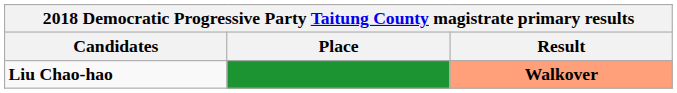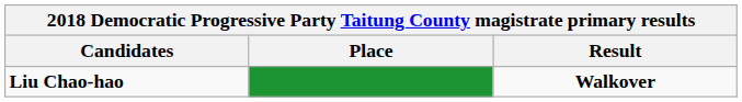 <table class="wikitable collapsible">
 <tr>
 <th colspan="5" width=600>2018 Democratic Progressive Party <a href='#'>Taitung County</a> magistrate primary results</th>
 </tr>
 <tr>
 <th width=80>Candidates</th>
 <th width=80>Place</th>
 <th width=80>Result</th>
 </tr>
 <tr>
 <td><strong>Liu Chao-hao</strong></td>
 <td style="background: #1B9431; text-align:center"><strong></strong></td>
-<td style="background: lightsalmon; text-align:center"><strong>Walkover</strong></td>
+<td style="text-align:center"><strong>Walkover</strong></td>
 </tr>
 </table>
